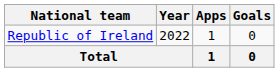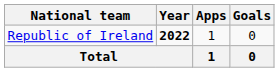 <table class="wikitable" style="text-align:center">
 <tr>
 <th>National team</th>
 <th>Year</th>
 <th>Apps</th>
 <th>Goals</th>
 </tr>
 <tr>
 <td rowspan="1"><a href='#'>Republic of Ireland</a></td>
-<td>2022</td>
+<td><strong>2022</strong></td>
 <td>1</td>
 <td>0</td>
 </tr>
 <tr>
 <th colspan="2">Total</th>
 <th>1</th>
 <th>0</th>
 </tr>
 </table>
